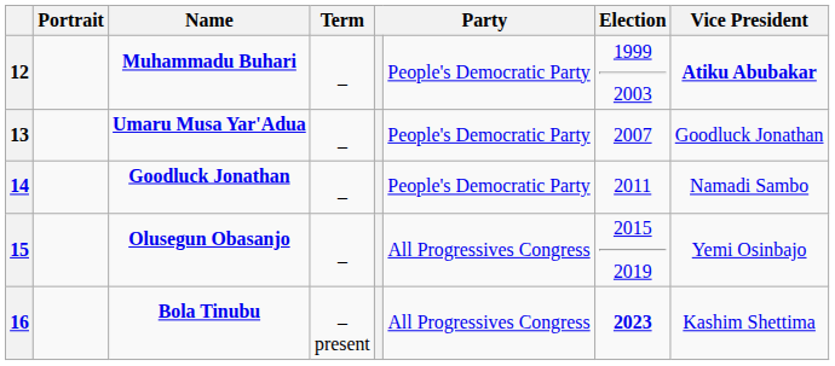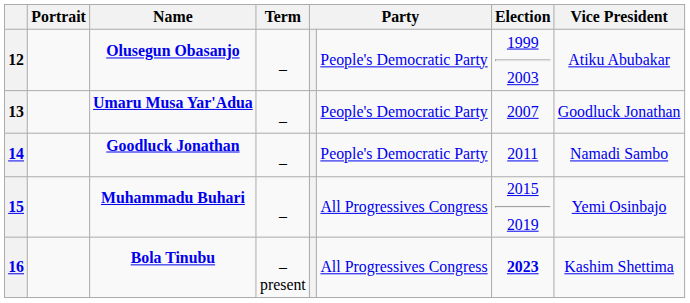 <table class="wikitable sortable sticky-header" style=text-align:center;>
 <tr>
 <th scope=col></th>
 <th scope=col class=unsortable>Portrait</th>
 <th scope=col>Name<br></th>
 <th scope=col class=unsortable>Term</th>
 <th scope=col colspan=2>Party</th>
 <th scope=col class=unsortable>Election</th>
 <th scope=col class=unsortable>Vice President</th>
 </tr>
 <tr>
 <th scope=row>12</th>
 <td></td>
-<td><strong><a href='#'>Muhammadu Buhari</a></strong><br><br></td>
+<td><strong><a href='#'>Olusegun Obasanjo</a></strong><br><br></td>
 <td><br>–<br></td>
 <th style="background:"></th>
 <td><a href='#'>People's Democratic Party</a></td>
 <td class=nowrap><a href='#'>1999</a><hr><a href='#'>2003</a></td>
-<td><strong><a href='#'>Atiku Abubakar</a></strong></td>
+<td><a href='#'>Atiku Abubakar</a></td>
 </tr>
 <tr>
 <th scope=row>13</th>
 <td></td>
 <td><strong><a href='#'>Umaru Musa Yar'Adua</a></strong><br><br></td>
 <td><br>–<br></td>
 <th style="background:"></th>
 <td><a href='#'>People's Democratic Party</a></td>
 <td class=nowrap><a href='#'>2007</a></td>
 <td><a href='#'>Goodluck Jonathan</a></td>
 </tr>
 <tr>
 <th scope=row><a href='#'>14</a></th>
 <td></td>
 <td><strong><a href='#'>Goodluck Jonathan</a></strong><br><br></td>
 <td><br>–<br></td>
 <th style="background:"></th>
 <td><a href='#'>People's Democratic Party</a></td>
 <td class=nowrap><a href='#'>2011</a></td>
 <td><a href='#'>Namadi Sambo</a></td>
 </tr>
 <tr>
 <th scope=row><a href='#'>15</a></th>
 <td></td>
-<td><strong><a href='#'>Olusegun Obasanjo</a></strong><br><br></td>
+<td><strong><a href='#'>Muhammadu Buhari</a></strong><br><br></td>
 <td><br>–<br></td>
 <th style="background:"></th>
 <td><a href='#'>All Progressives Congress</a></td>
 <td class=nowrap><a href='#'>2015</a><hr><a href='#'>2019</a></td>
 <td><a href='#'>Yemi Osinbajo</a></td>
 </tr>
 <tr>
 <th scope=row><a href='#'>16</a></th>
 <td></td>
 <td><strong><a href='#'>Bola Tinubu</a></strong><br><br></td>
 <td><br>–<br>present</td>
 <th style="background:"></th>
 <td><a href='#'>All Progressives Congress</a></td>
 <td class=nowrap><strong><a href='#'>2023</a></strong></td>
 <td><a href='#'>Kashim Shettima</a></td>
 </tr>
 </table>
